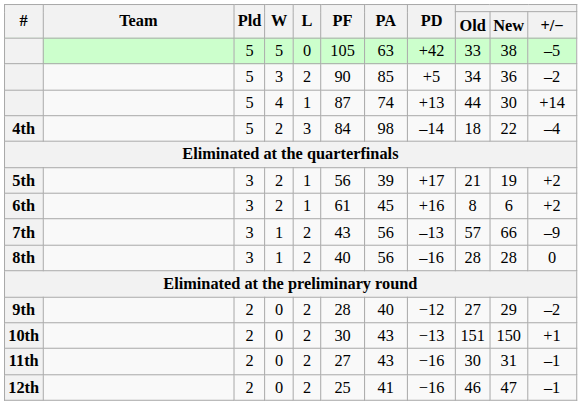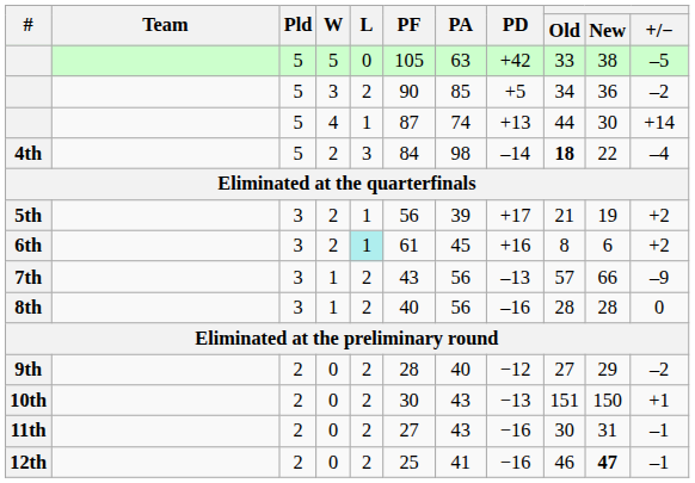 <table class=wikitable style="text-align:center;">
 <tr>
 <th rowspan=2>#</th>
 <th width=180px rowspan=2>Team</th>
 <th width=20px rowspan=2>Pld</th>
 <th width=20px rowspan=2>W</th>
 <th width=20px rowspan=2>L</th>
 <th width=35px rowspan=2>PF</th>
 <th width=35px rowspan=2>PA</th>
 <th width=40px rowspan=2>PD</th>
 <th colspan=3></th>
 </tr>
 <tr>
 <th !width=30px>Old</th>
 <th width=30px>New</th>
 <th width=40px>+/−</th>
 </tr>
 <tr bgcolor=#ccffcc>
 <th></th>
 <td align=left></td>
 <td>5</td>
 <td>5</td>
 <td>0</td>
 <td>105</td>
 <td>63</td>
 <td>+42</td>
 <td>33</td>
 <td>38</td>
 <td>–5</td>
 </tr>
 <tr>
 <th></th>
 <td align=left></td>
 <td>5</td>
 <td>3</td>
 <td>2</td>
 <td>90</td>
 <td>85</td>
 <td>+5</td>
 <td>34</td>
 <td>36</td>
 <td>–2</td>
 </tr>
 <tr>
 <th></th>
 <td align=left></td>
 <td>5</td>
 <td>4</td>
 <td>1</td>
 <td>87</td>
 <td>74</td>
 <td>+13</td>
 <td>44</td>
 <td>30</td>
 <td>+14</td>
 </tr>
 <tr>
 <th>4th</th>
 <td align=left></td>
 <td>5</td>
 <td>2</td>
 <td>3</td>
 <td>84</td>
 <td>98</td>
 <td>–14</td>
-<td>18</td>
+<td><strong>18</strong></td>
 <td>22</td>
 <td>–4</td>
 </tr>
 <tr>
 <th colspan=11>Eliminated at the quarterfinals</th>
 </tr>
 <tr>
 <th>5th</th>
 <td align=left></td>
 <td>3</td>
 <td>2</td>
 <td>1</td>
 <td>56</td>
 <td>39</td>
 <td>+17</td>
 <td>21</td>
 <td>19</td>
 <td>+2</td>
 </tr>
 <tr>
 <th>6th</th>
 <td align=left></td>
 <td>3</td>
 <td>2</td>
-<td>1</td>
+<td style="background: paleturquoise;">1</td>
 <td>61</td>
 <td>45</td>
 <td>+16</td>
 <td>8</td>
 <td>6</td>
 <td>+2</td>
 </tr>
 <tr>
 <th>7th</th>
 <td align=left></td>
 <td>3</td>
 <td>1</td>
 <td>2</td>
 <td>43</td>
 <td>56</td>
 <td>–13</td>
 <td>57</td>
 <td>66</td>
 <td>–9</td>
 </tr>
 <tr>
 <th>8th</th>
 <td align=left></td>
 <td>3</td>
 <td>1</td>
 <td>2</td>
 <td>40</td>
 <td>56</td>
 <td>–16</td>
 <td>28</td>
 <td>28</td>
 <td>0</td>
 </tr>
 <tr>
 <th colspan=11>Eliminated at the preliminary round</th>
 </tr>
 <tr>
 <th>9th</th>
 <td align=left></td>
 <td>2</td>
 <td>0</td>
 <td>2</td>
 <td>28</td>
 <td>40</td>
 <td>−12</td>
 <td>27</td>
 <td>29</td>
 <td>–2</td>
 </tr>
 <tr>
 <th>10th</th>
 <td align=left></td>
 <td>2</td>
 <td>0</td>
 <td>2</td>
 <td>30</td>
 <td>43</td>
 <td>−13</td>
 <td>151</td>
 <td>150</td>
 <td>+1</td>
 </tr>
 <tr>
 <th>11th</th>
 <td align=left></td>
 <td>2</td>
 <td>0</td>
 <td>2</td>
 <td>27</td>
 <td>43</td>
 <td>−16</td>
 <td>30</td>
 <td>31</td>
 <td>–1</td>
 </tr>
 <tr>
 <th>12th</th>
 <td align=left></td>
 <td>2</td>
 <td>0</td>
 <td>2</td>
 <td>25</td>
 <td>41</td>
 <td>−16</td>
 <td>46</td>
-<td>47</td>
+<td><strong>47</strong></td>
 <td>–1</td>
 </tr>
 </table>
